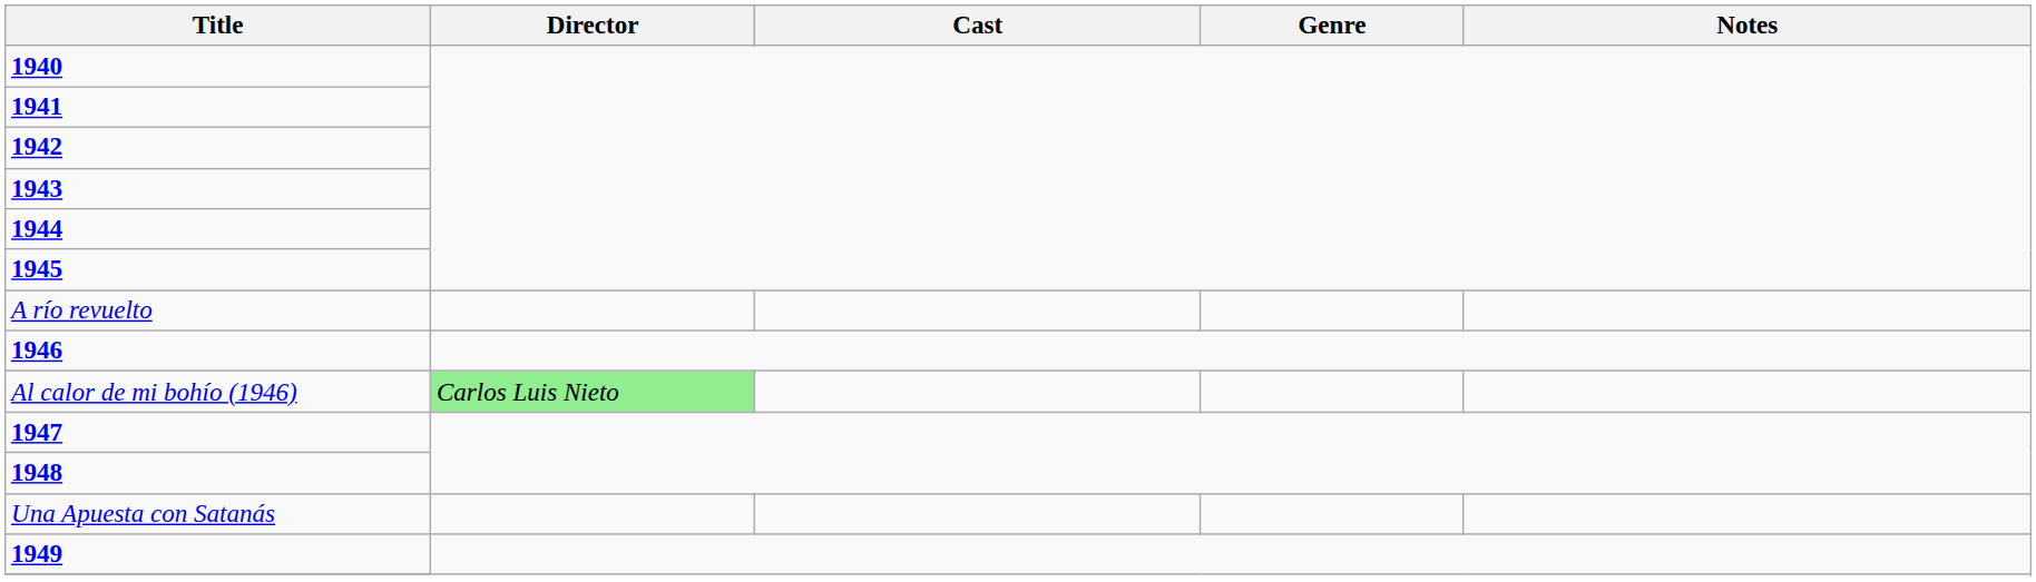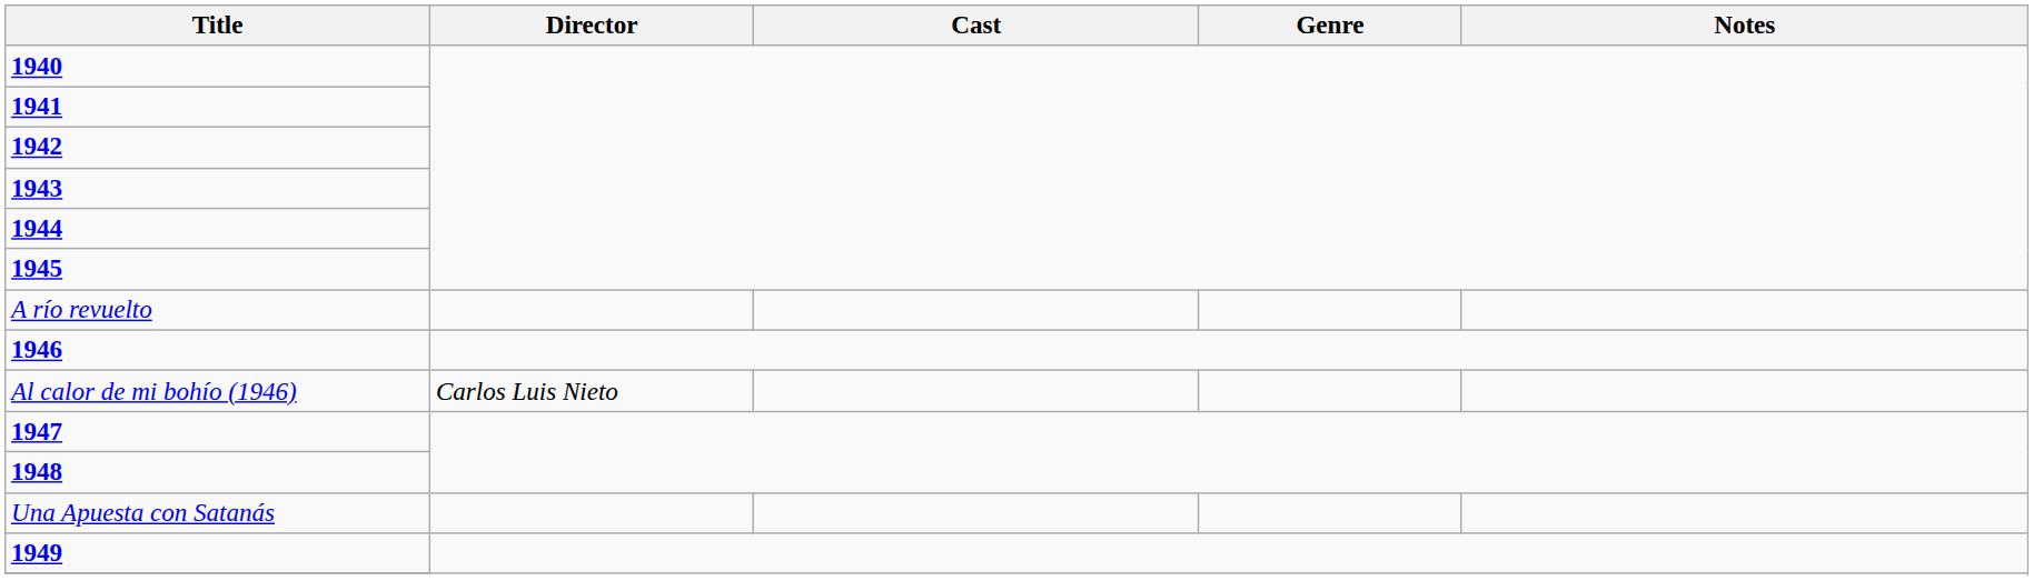 <table class="wikitable" width= "100%">
 <tr>
 <th width=21%>Title</th>
 <th width=16%>Director</th>
 <th width=22%>Cast</th>
 <th width=13%>Genre</th>
 <th width=28%>Notes</th>
 </tr>
 <tr>
 <td><strong><a href='#'>1940</a></strong></td>
 </tr>
 <tr>
 <td><strong><a href='#'>1941</a></strong></td>
 </tr>
 <tr>
 <td><strong><a href='#'>1942</a></strong></td>
 </tr>
 <tr>
 <td><strong><a href='#'>1943</a></strong></td>
 </tr>
 <tr>
 <td><strong><a href='#'>1944</a></strong></td>
 </tr>
 <tr>
 <td><strong><a href='#'>1945</a></strong></td>
 </tr>
 <tr>
 <td><em><a href='#'>A río revuelto</a> </em></td>
 <td></td>
 <td></td>
 <td></td>
 <td></td>
 </tr>
 <tr>
 <td><strong><a href='#'>1946</a></strong></td>
 </tr>
 <tr>
 <td><em><a href='#'>Al calor de mi bohío (1946)</a> </em></td>
-<td style="background: lightgreen;"><em>Carlos Luis Nieto</em></td>
+<td><em>Carlos Luis Nieto</em></td>
 <td></td>
 <td></td>
 <td></td>
 </tr>
 <tr>
 <td><strong><a href='#'>1947</a></strong></td>
 </tr>
 <tr>
 <td><strong><a href='#'>1948</a></strong></td>
 </tr>
 <tr>
 <td><em><a href='#'>Una Apuesta con Satanás</a></em></td>
 <td></td>
 <td></td>
 <td></td>
 <td></td>
 </tr>
 <tr>
 <td><strong><a href='#'>1949</a></strong></td>
 </tr>
 <tr>
 </tr>
 </table>
